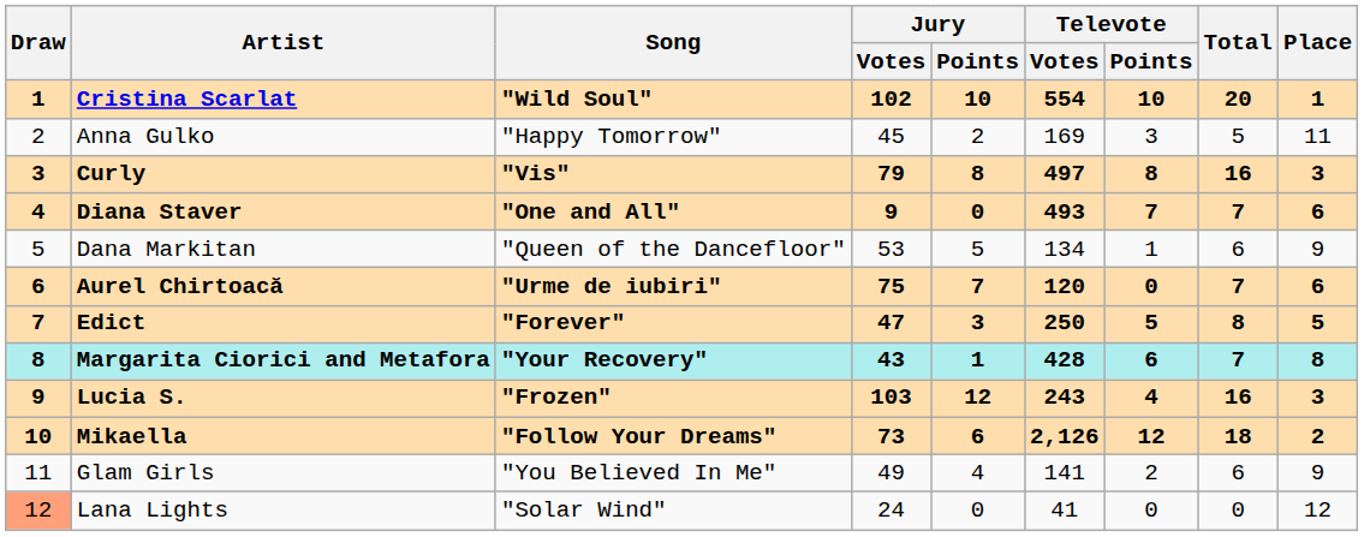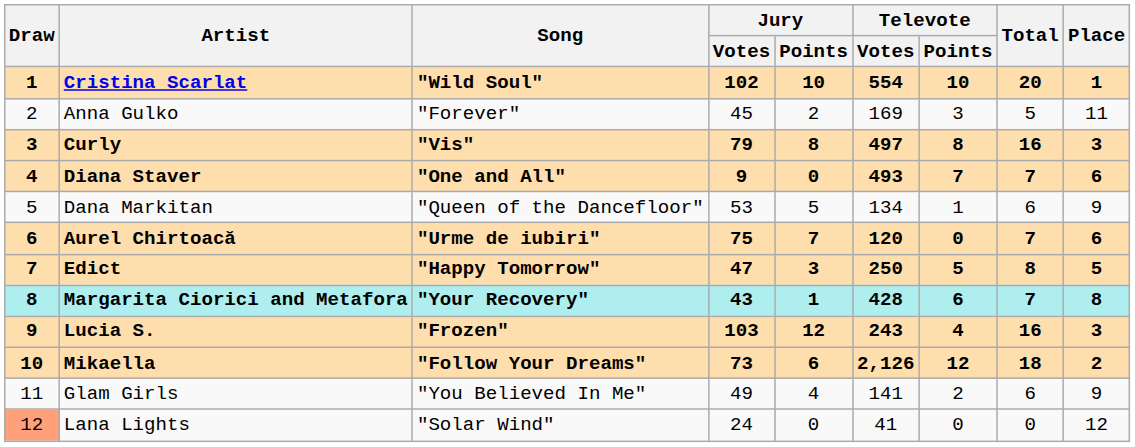 <table class="sortable wikitable" style="margin: 1em auto 1em auto; text-align:center;">
 <tr>
 <th rowspan="2">Draw</th>
 <th rowspan="2">Artist</th>
 <th rowspan="2">Song</th>
 <th colspan="2">Jury</th>
 <th colspan="2">Televote</th>
 <th rowspan="2">Total</th>
 <th rowspan="2">Place</th>
 </tr>
 <tr>
 <th>Votes</th>
 <th>Points</th>
 <th>Votes</th>
 <th>Points</th>
 </tr>
 <tr style="font-weight:bold; background:#FFDEAD;">
 <td>1</td>
 <td align="left"><a href='#'>Cristina Scarlat</a></td>
 <td align="left">"Wild Soul"</td>
 <td>102</td>
 <td>10</td>
 <td>554</td>
 <td>10</td>
 <td>20</td>
 <td>1</td>
 </tr>
 <tr>
 <td>2</td>
 <td align="left">Anna Gulko</td>
-<td align="left">"Happy Tomorrow"</td>
+<td align="left">"Forever"</td>
 <td>45</td>
 <td>2</td>
 <td>169</td>
 <td>3</td>
 <td>5</td>
 <td>11</td>
 </tr>
 <tr style="font-weight:bold; background:#FFDEAD;">
 <td>3</td>
 <td align="left">Curly</td>
 <td align="left">"Vis"</td>
 <td>79</td>
 <td>8</td>
 <td>497</td>
 <td>8</td>
 <td>16</td>
 <td>3</td>
 </tr>
 <tr style="font-weight:bold; background:#FFDEAD;">
 <td>4</td>
 <td align="left">Diana Staver</td>
 <td align="left">"One and All"</td>
 <td>9</td>
 <td>0</td>
 <td>493</td>
 <td>7</td>
 <td>7</td>
 <td>6</td>
 </tr>
 <tr>
 <td>5</td>
 <td align="left">Dana Markitan</td>
 <td align="left">"Queen of the Dancefloor"</td>
 <td>53</td>
 <td>5</td>
 <td>134</td>
 <td>1</td>
 <td>6</td>
 <td>9</td>
 </tr>
 <tr style="font-weight:bold; background:#FFDEAD;">
 <td>6</td>
 <td align="left">Aurel Chirtoacă</td>
 <td align="left">"Urme de iubiri"</td>
 <td>75</td>
 <td>7</td>
 <td>120</td>
 <td>0</td>
 <td>7</td>
 <td>6</td>
 </tr>
 <tr style="font-weight:bold; background:#FFDEAD;">
 <td>7</td>
 <td align="left">Edict</td>
-<td align="left">"Forever"</td>
+<td align="left">"Happy Tomorrow"</td>
 <td>47</td>
 <td>3</td>
 <td>250</td>
 <td>5</td>
 <td>8</td>
 <td>5</td>
 </tr>
 <tr style="font-weight:bold; background:paleturquoise;">
 <td>8</td>
 <td align="left">Margarita Ciorici and Metafora</td>
 <td align="left">"Your Recovery"</td>
 <td>43</td>
 <td>1</td>
 <td>428</td>
 <td>6</td>
 <td>7</td>
 <td>8</td>
 </tr>
 <tr style="font-weight:bold; background:#FFDEAD;">
 <td>9</td>
 <td align="left">Lucia S.</td>
 <td align="left">"Frozen"</td>
 <td>103</td>
 <td>12</td>
 <td>243</td>
 <td>4</td>
 <td>16</td>
 <td>3</td>
 </tr>
 <tr style="font-weight:bold; background:#FFDEAD;">
 <td>10</td>
 <td align="left">Mikaella</td>
 <td align="left">"Follow Your Dreams"</td>
 <td>73</td>
 <td>6</td>
 <td>2,126</td>
 <td>12</td>
 <td>18</td>
 <td>2</td>
 </tr>
 <tr>
 <td>11</td>
 <td align="left">Glam Girls</td>
 <td align="left">"You Believed In Me"</td>
 <td>49</td>
 <td>4</td>
 <td>141</td>
 <td>2</td>
 <td>6</td>
 <td>9</td>
 </tr>
 <tr>
 <td style="background: lightsalmon;">12</td>
 <td align="left">Lana Lights</td>
 <td align="left">"Solar Wind"</td>
 <td>24</td>
 <td>0</td>
 <td>41</td>
 <td>0</td>
 <td>0</td>
 <td>12</td>
 </tr>
 </table>
